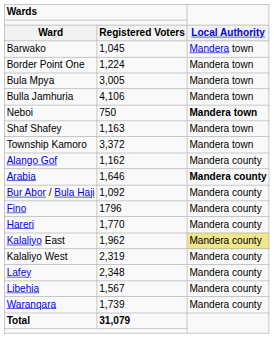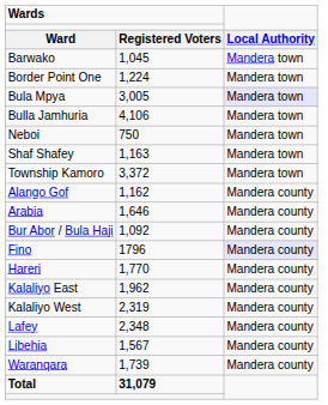 <table class="wikitable">
 <tr>
 <td colspan="2"><strong>Wards</strong></td>
 </tr>
 <tr>
 <td colspan="2"></td>
 </tr>
 <tr>
 <th>Ward</th>
 <th>Registered Voters</th>
 <th><a href='#'>Local Authority</a></th>
 </tr>
 <tr>
 <td>Barwako</td>
 <td>1,045</td>
 <td><a href='#'>Mandera</a> town</td>
 </tr>
 <tr>
 <td>Border Point One</td>
 <td>1,224</td>
 <td>Mandera town</td>
 </tr>
 <tr>
 <td>Bula Mpya</td>
 <td>3,005</td>
-<td>Mandera town</td>
+<td style="background: lavender;">Mandera town</td>
 </tr>
 <tr>
 <td>Bulla Jamhuria</td>
 <td>4,106</td>
 <td>Mandera town</td>
 </tr>
 <tr>
 <td>Neboi</td>
 <td>750</td>
-<td><strong>Mandera town</strong></td>
+<td>Mandera town</td>
 </tr>
 <tr>
 <td>Shaf Shafey</td>
 <td>1,163</td>
 <td>Mandera town</td>
 </tr>
 <tr>
 <td>Township Kamoro</td>
 <td>3,372</td>
 <td>Mandera town</td>
 </tr>
 <tr>
 <td><a href='#'>Alango Gof</a></td>
 <td>1,162</td>
 <td>Mandera county</td>
 </tr>
 <tr>
 <td><a href='#'>Arabia</a></td>
 <td>1,646</td>
-<td><strong>Mandera county</strong></td>
+<td>Mandera county</td>
 </tr>
 <tr>
 <td><a href='#'>Bur Abor</a> / <a href='#'>Bula Haji</a></td>
 <td>1,092</td>
 <td>Mandera county</td>
 </tr>
 <tr>
 <td><a href='#'>Fino</a></td>
 <td>1796</td>
-<td>Mandera county</td>
+<td style="background: lavender;">Mandera county</td>
 </tr>
 <tr>
 <td><a href='#'>Hareri</a></td>
 <td>1,770</td>
 <td>Mandera county</td>
 </tr>
 <tr>
 <td><a href='#'>Kalaliyo</a> East</td>
 <td>1,962</td>
-<td style="background: khaki;">Mandera county</td>
+<td>Mandera county</td>
 </tr>
 <tr>
 <td>Kalaliyo West</td>
 <td>2,319</td>
 <td>Mandera county</td>
 </tr>
 <tr>
 <td><a href='#'>Lafey</a></td>
 <td>2,348</td>
 <td>Mandera county</td>
 </tr>
 <tr>
 <td><a href='#'>Libehia</a></td>
 <td>1,567</td>
 <td>Mandera county</td>
 </tr>
 <tr>
 <td><a href='#'>Waranqara</a></td>
 <td>1,739</td>
 <td>Mandera county</td>
 </tr>
 <tr>
 <td><strong>Total</strong></td>
 <td><strong>31,079</strong></td>
 </tr>
 <tr>
 <td colspan="2"></td>
 </tr>
 </table>
